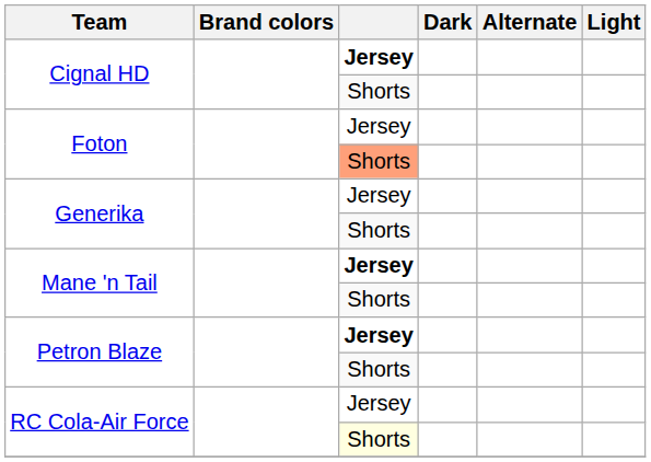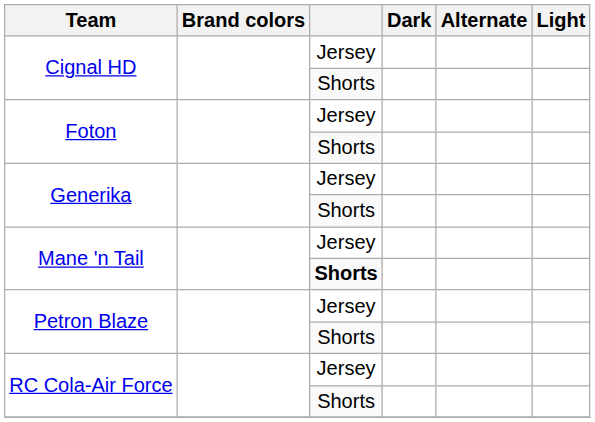 <table class=wikitable style="text-align:center;">
 <tr>
 <th rowspan=1>Team</th>
 <th rowspan=1>Brand colors</th>
 <th rowspan=1></th>
 <th rowspan=1>Dark</th>
 <th rowspan=1>Alternate</th>
 <th rowspan=1>Light</th>
 </tr>
 <tr>
 <td bgcolor=white rowspan=2><a href='#'>Cignal HD</a></td>
 <td bgcolor=white rowspan=2> </td>
-<td bgcolor=white rowspan=1><strong>Jersey</strong></td>
+<td bgcolor=white rowspan=1>Jersey</td>
 <td bgcolor=white rowspan=1>  </td>
 <td bgcolor=white rowspan=1>  </td>
 <td bgcolor=white rowspan=1>  </td>
 </tr>
 <tr>
 <td>Shorts</td>
 <td bgcolor=white rowspan=1></td>
 <td bgcolor=white rowspan=1></td>
 <td bgcolor=white rowspan=1></td>
 </tr>
 <tr>
 <td bgcolor=white rowspan=2><a href='#'>Foton</a></td>
 <td bgcolor=white rowspan=2>  </td>
 <td bgcolor=white rowspan=1>Jersey</td>
 <td bgcolor=white rowspan=1>  </td>
 <td bgcolor=white rowspan=1>  </td>
 <td bgcolor=white rowspan=1>  </td>
 </tr>
 <tr>
-<td style="background: lightsalmon;">Shorts</td>
+<td>Shorts</td>
 <td bgcolor=white rowspan=1></td>
 <td bgcolor=white rowspan=1></td>
 <td bgcolor=white rowspan=1></td>
 </tr>
 <tr>
 <td bgcolor=white rowspan=2><a href='#'>Generika</a></td>
 <td bgcolor=white rowspan=2>  </td>
 <td bgcolor=white rowspan=1>Jersey</td>
 <td bgcolor=white rowspan=1>  </td>
 <td bgcolor=white rowspan=1>  </td>
 <td bgcolor=white rowspan=1>  </td>
 </tr>
 <tr>
 <td>Shorts</td>
 <td bgcolor=white rowspan=1></td>
 <td bgcolor=white rowspan=1></td>
 <td bgcolor=white rowspan=1></td>
 </tr>
 <tr>
 <td bgcolor=white rowspan=2><a href='#'>Mane 'n Tail</a></td>
 <td bgcolor=white rowspan=2>  </td>
-<td bgcolor=white rowspan=1><strong>Jersey</strong></td>
+<td bgcolor=white rowspan=1>Jersey</td>
 <td bgcolor=white rowspan=1>  </td>
 <td bgcolor=white rowspan=1>  </td>
 <td bgcolor=white rowspan=1>  </td>
 </tr>
 <tr>
-<td>Shorts</td>
+<td><strong>Shorts</strong></td>
 <td bgcolor=white rowspan=1></td>
 <td bgcolor=white rowspan=1></td>
 <td bgcolor=white rowspan=1></td>
 </tr>
 <tr>
 <td bgcolor=white rowspan=2><a href='#'>Petron Blaze</a></td>
 <td bgcolor=white rowspan=2>  </td>
-<td bgcolor=white rowspan=1><strong>Jersey</strong></td>
+<td bgcolor=white rowspan=1>Jersey</td>
 <td bgcolor=white rowspan=1>  </td>
 <td bgcolor=white rowspan=1>  </td>
 <td bgcolor=white rowspan=1>  </td>
 </tr>
 <tr>
 <td>Shorts</td>
 <td bgcolor=white rowspan=1></td>
 <td bgcolor=white rowspan=1></td>
 <td bgcolor=white rowspan=1></td>
 </tr>
 <tr>
 <td bgcolor=white rowspan=2><a href='#'>RC Cola-Air Force</a></td>
 <td bgcolor=white rowspan=2>  </td>
 <td bgcolor=white rowspan=1>Jersey</td>
 <td bgcolor=white rowspan=1>  </td>
 <td bgcolor=white rowspan=1>  </td>
 <td bgcolor=white rowspan=1>  </td>
 </tr>
 <tr>
-<td style="background: lightyellow;">Shorts</td>
+<td>Shorts</td>
 <td bgcolor=white rowspan=1></td>
 <td bgcolor=white rowspan=1></td>
 <td bgcolor=white rowspan=1></td>
 </tr>
 <tr>
 </tr>
 </table>
